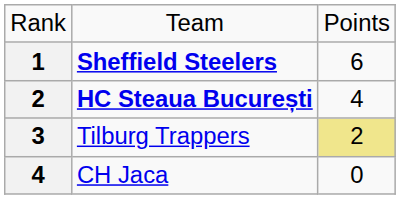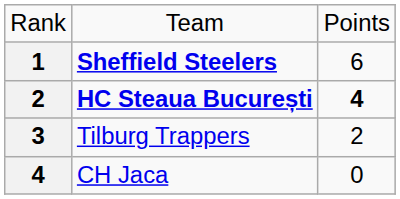 <table class="wikitable" style="text-align: center;">
 <tr>
 <td>Rank</td>
 <td>Team</td>
 <td>Points</td>
 </tr>
 <tr>
 <th>1</th>
 <td style="text-align: left;"> <strong><a href='#'>Sheffield Steelers</a></strong></td>
 <td>6</td>
 </tr>
 <tr>
 <th>2</th>
 <td style="text-align: left;"> <strong><a href='#'>HC Steaua București</a></strong></td>
-<td>4</td>
+<td><strong>4</strong></td>
 </tr>
 <tr>
 <th>3</th>
 <td style="text-align: left;"> <a href='#'>Tilburg Trappers</a></td>
-<td style="background: khaki;">2</td>
+<td>2</td>
 </tr>
 <tr>
 <th>4</th>
 <td style="text-align: left;"> <a href='#'>CH Jaca</a></td>
 <td>0</td>
 </tr>
 </table>
